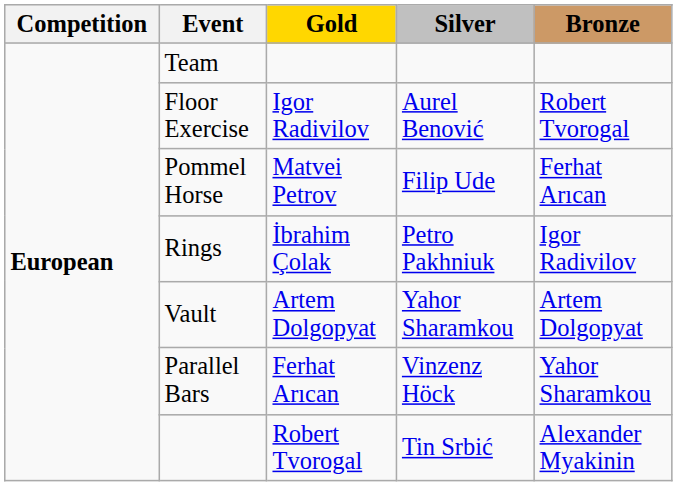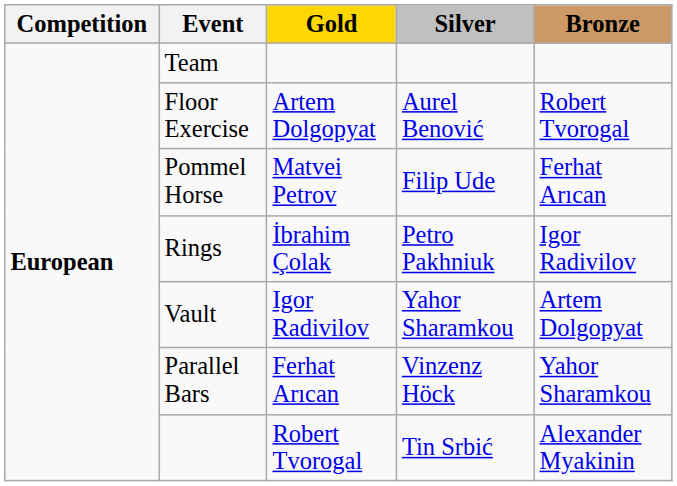 <table class="wikitable" style="width:70%;">
 <tr>
 <th style="text-align:center; width:5%;">Competition</th>
 <th style="text-align:center; width:5%;">Event</th>
 <td style="text-align:center; width:6%; background:gold;"><strong>Gold</strong></td>
 <td style="text-align:center; width:6%; background:silver;"><strong>Silver</strong></td>
 <td style="text-align:center; width:6%; background:#c96;"><strong>Bronze</strong></td>
 </tr>
 <tr>
 <td rowspan=8><strong>European</strong></td>
 <td>Team</td>
 <td></td>
 <td></td>
 <td></td>
 </tr>
 <tr>
 <td>Floor Exercise</td>
-<td> <a href='#'>Igor Radivilov</a></td>
+<td> <a href='#'>Artem Dolgopyat</a></td>
 <td> <a href='#'>Aurel Benović</a></td>
 <td> <a href='#'>Robert Tvorogal</a></td>
 </tr>
 <tr>
 <td>Pommel Horse</td>
 <td> <a href='#'>Matvei Petrov</a></td>
 <td> <a href='#'>Filip Ude</a></td>
 <td> <a href='#'>Ferhat Arıcan</a></td>
 </tr>
 <tr>
 <td>Rings</td>
 <td> <a href='#'>İbrahim Çolak</a></td>
 <td> <a href='#'>Petro Pakhniuk</a></td>
 <td> <a href='#'>Igor Radivilov</a></td>
 </tr>
 <tr>
 <td>Vault</td>
-<td> <a href='#'>Artem Dolgopyat</a></td>
+<td> <a href='#'>Igor Radivilov</a></td>
 <td> <a href='#'>Yahor Sharamkou</a></td>
 <td> <a href='#'>Artem Dolgopyat</a></td>
 </tr>
 <tr>
 <td>Parallel Bars</td>
 <td> <a href='#'>Ferhat Arıcan</a></td>
 <td> <a href='#'>Vinzenz Höck</a></td>
 <td> <a href='#'>Yahor Sharamkou</a></td>
 </tr>
 <tr>
 <td></td>
 <td> <a href='#'>Robert Tvorogal</a></td>
 <td> <a href='#'>Tin Srbić</a></td>
 <td> <a href='#'>Alexander Myakinin</a></td>
 </tr>
 </table>
